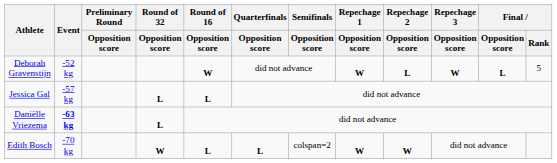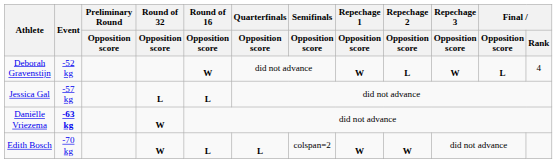 <table class=wikitable style="font-size:90%">
 <tr>
 <th rowspan=2>Athlete</th>
 <th rowspan=2>Event</th>
 <th>Preliminary Round</th>
 <th>Round of 32</th>
 <th>Round of 16</th>
 <th>Quarterfinals</th>
 <th>Semifinals</th>
 <th>Repechage 1</th>
 <th>Repechage 2</th>
 <th>Repechage 3</th>
 <th colspan=2>Final / </th>
 </tr>
 <tr>
 <th>Opposition<br> score</th>
 <th>Opposition<br> score</th>
 <th>Opposition<br> score</th>
 <th>Opposition<br> score</th>
 <th>Opposition<br> score</th>
 <th>Opposition<br> score</th>
 <th>Opposition<br> score</th>
 <th>Opposition<br> score</th>
 <th>Opposition<br> score</th>
 <th>Rank</th>
 </tr>
 <tr align=center>
 <td><a href='#'>Deborah Gravenstijn</a></td>
 <td><a href='#'>-52 kg</a></td>
 <td></td>
 <td></td>
 <td> <br> <strong>W</strong></td>
 <td colspan=2>did not advance</td>
 <td> <br> <strong>W</strong></td>
 <td> <br> <strong>L</strong></td>
 <td> <br> <strong>W</strong></td>
 <td> <br> <strong>L</strong></td>
-<td>5</td>
+<td>4</td>
 </tr>
 <tr align=center>
 <td><a href='#'>Jessica Gal</a></td>
 <td><a href='#'>-57 kg</a></td>
 <td></td>
 <td> <br> <strong>L</strong></td>
 <td> <br> <strong>L</strong></td>
 <td colspan=7>did not advance</td>
 </tr>
 <tr align=center>
 <td><a href='#'>Daniëlle Vriezema</a></td>
 <td><strong><a href='#'>-63 kg</a></strong></td>
 <td></td>
-<td> <br> <strong>L</strong></td>
+<td> <br> <strong>W</strong></td>
 <td colspan=8>did not advance</td>
 </tr>
 <tr align=center>
 <td><a href='#'>Edith Bosch</a></td>
 <td><a href='#'>-70 kg</a></td>
 <td></td>
 <td> <br> <strong>W</strong></td>
 <td> <br> <strong>L</strong></td>
 <td> <br> <strong>L</strong></td>
 <td>colspan=2 </td>
 <td> <br> <strong>W</strong></td>
 <td> <br> <strong>W</strong></td>
 <td colspan=2>did not advance</td>
 </tr>
 </table>
